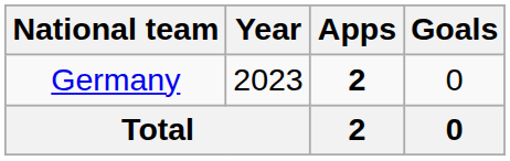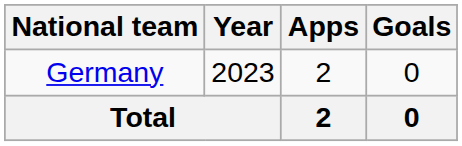 <table class="wikitable" style="text-align:center">
 <tr>
 <th>National team</th>
 <th>Year</th>
 <th>Apps</th>
 <th>Goals</th>
 </tr>
 <tr>
 <td><a href='#'>Germany</a></td>
 <td>2023</td>
-<td><strong>2</strong></td>
+<td>2</td>
 <td>0</td>
 </tr>
 <tr>
 <th colspan="2">Total</th>
 <th>2</th>
 <th>0</th>
 </tr>
 </table>
